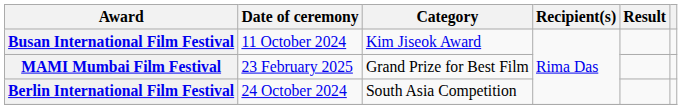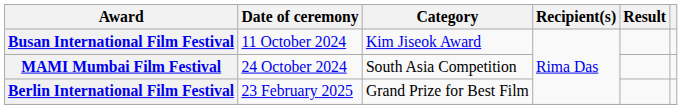 <table class="wikitable sortable plainrowheaders">
 <tr>
 <th scope="col">Award</th>
 <th scope="col">Date of ceremony</th>
 <th scope="col">Category</th>
 <th scope="col">Recipient(s)</th>
 <th scope="col">Result</th>
 <th scope="col" class="unsortable"></th>
 </tr>
 <tr>
 <th scope="row"><a href='#'>Busan International Film Festival</a></th>
 <td><a href='#'>11 October 2024</a></td>
 <td><a href='#'>Kim Jiseok Award</a></td>
 <td rowspan=3><a href='#'>Rima Das</a></td>
 <td></td>
 <td align="center"></td>
 </tr>
 <tr>
 <th scope="row"><a href='#'>MAMI Mumbai Film Festival</a></th>
-<td><a href='#'>23 February 2025</a></td>
-<td>Grand Prize for Best Film</td>
+<td><a href='#'>24 October 2024</a></td>
+<td>South Asia Competition</td>
 <td></td>
 <td align="center"></td>
 </tr>
 <tr>
 <th scope="row"><a href='#'>Berlin International Film Festival</a></th>
-<td><a href='#'>24 October 2024</a></td>
-<td>South Asia Competition</td>
+<td><a href='#'>23 February 2025</a></td>
+<td>Grand Prize for Best Film</td>
 <td></td>
 <td align="center" rowspan="1"></td>
 </tr>
 <tr>
 </tr>
 </table>
